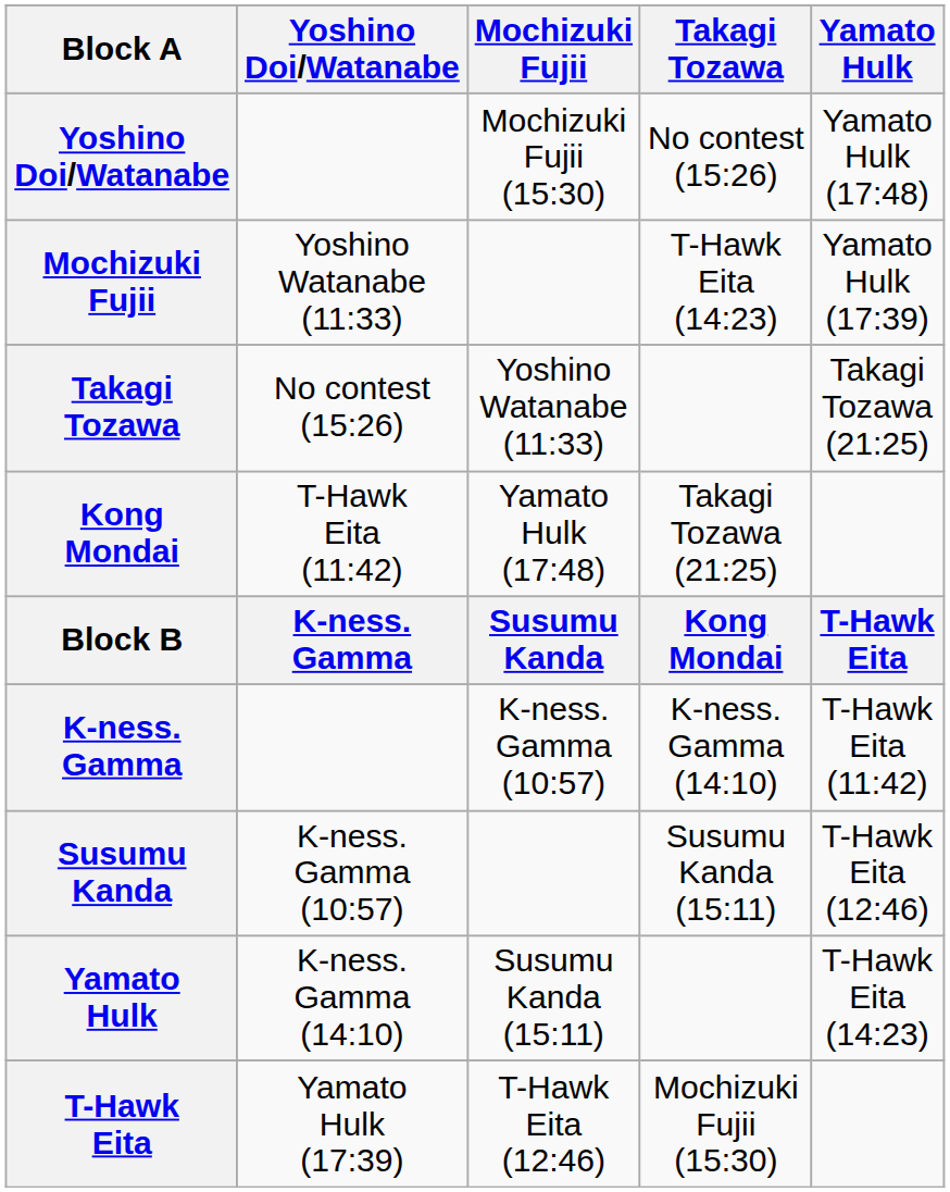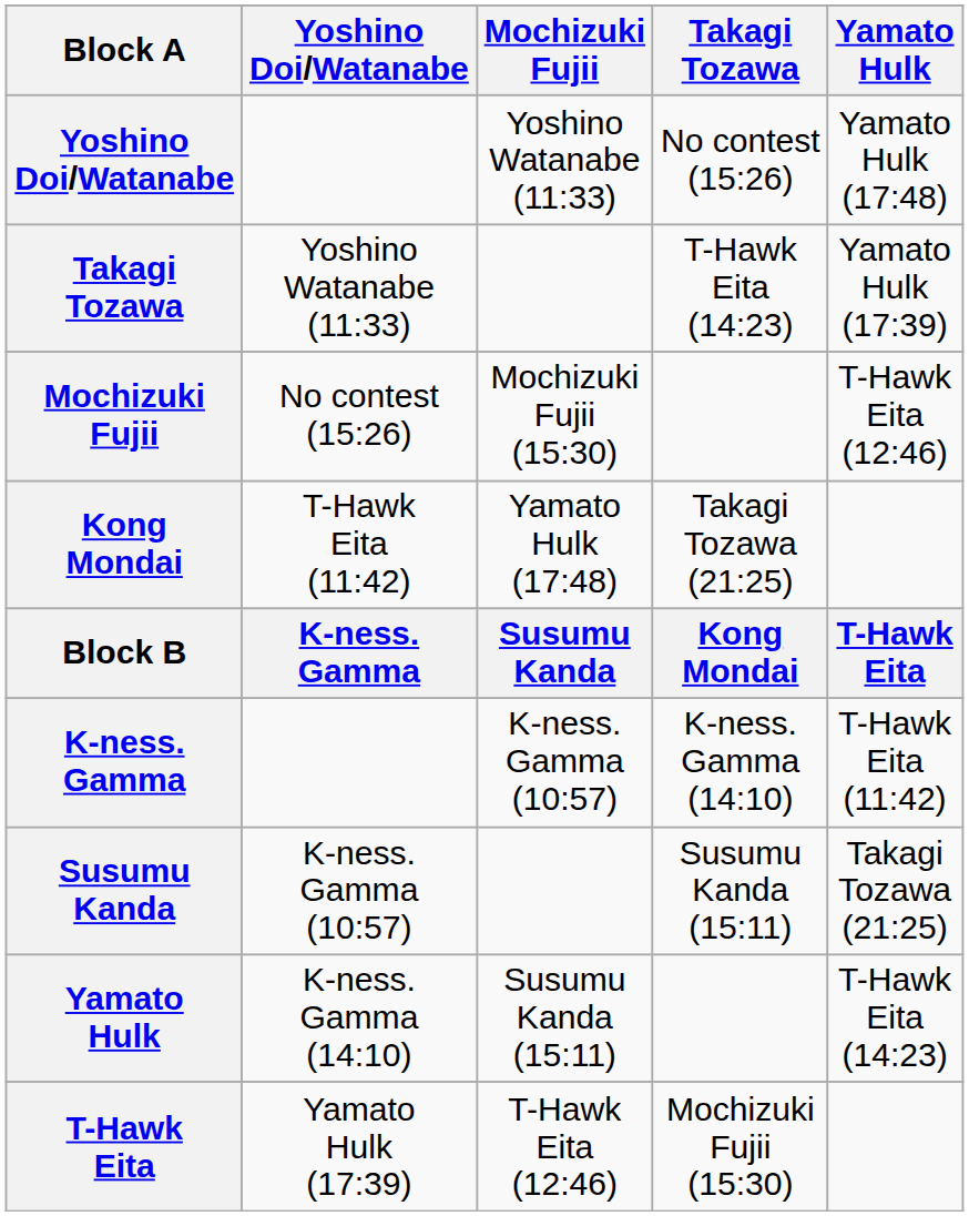 <table class="wikitable" style="margin: 1em auto 1em auto;text-align:center">
 <tr>
 <th>Block A</th>
 <th><a href='#'>Yoshino</a><br><a href='#'>Doi</a>/<a href='#'>Watanabe</a></th>
 <th><a href='#'>Mochizuki</a><br><a href='#'>Fujii</a></th>
 <th><a href='#'>Takagi</a><br><a href='#'>Tozawa</a></th>
 <th><a href='#'>Yamato</a><br><a href='#'>Hulk</a></th>
 </tr>
 <tr>
 <th><a href='#'>Yoshino</a><br><a href='#'>Doi</a>/<a href='#'>Watanabe</a></th>
 <td></td>
-<td>Mochizuki<br>Fujii<br>(15:30)</td>
+<td>Yoshino<br>Watanabe<br>(11:33)</td>
 <td>No contest<br>(15:26)</td>
 <td>Yamato<br>Hulk<br>(17:48)</td>
 </tr>
 <tr>
-<th><a href='#'>Mochizuki</a><br><a href='#'>Fujii</a></th>
+<th><a href='#'>Takagi</a><br><a href='#'>Tozawa</a></th>
 <td>Yoshino<br>Watanabe<br>(11:33)</td>
 <td></td>
 <td>T-Hawk<br>Eita<br>(14:23)</td>
 <td>Yamato<br>Hulk<br>(17:39)</td>
 </tr>
 <tr>
-<th><a href='#'>Takagi</a><br><a href='#'>Tozawa</a></th>
+<th><a href='#'>Mochizuki</a><br><a href='#'>Fujii</a></th>
 <td>No contest<br>(15:26)</td>
-<td>Yoshino<br>Watanabe<br>(11:33)</td>
+<td>Mochizuki<br>Fujii<br>(15:30)</td>
 <td></td>
-<td>Takagi<br>Tozawa<br>(21:25)</td>
+<td>T-Hawk<br>Eita<br>(12:46)</td>
 </tr>
 <tr>
 <th><a href='#'>Kong</a><br><a href='#'>Mondai</a></th>
 <td>T-Hawk<br>Eita<br>(11:42)</td>
 <td>Yamato<br>Hulk<br>(17:48)</td>
 <td>Takagi<br>Tozawa<br>(21:25)</td>
 <td></td>
 </tr>
 <tr>
 <th>Block B</th>
 <th><a href='#'>K-ness.</a><br><a href='#'>Gamma</a></th>
 <th><a href='#'>Susumu</a><br><a href='#'>Kanda</a></th>
 <th><a href='#'>Kong</a><br><a href='#'>Mondai</a></th>
 <th><a href='#'>T-Hawk</a><br><a href='#'>Eita</a></th>
 </tr>
 <tr>
 <th><a href='#'>K-ness.</a><br><a href='#'>Gamma</a></th>
 <td></td>
 <td>K-ness.<br>Gamma<br>(10:57)</td>
 <td>K-ness.<br>Gamma<br>(14:10)</td>
 <td>T-Hawk<br>Eita<br>(11:42)</td>
 </tr>
 <tr>
 <th><a href='#'>Susumu</a><br><a href='#'>Kanda</a></th>
 <td>K-ness.<br>Gamma<br>(10:57)</td>
 <td></td>
 <td>Susumu<br>Kanda<br>(15:11)</td>
-<td>T-Hawk<br>Eita<br>(12:46)</td>
+<td>Takagi<br>Tozawa<br>(21:25)</td>
 </tr>
 <tr>
 <th><a href='#'>Yamato</a><br><a href='#'>Hulk</a></th>
 <td>K-ness.<br>Gamma<br>(14:10)</td>
 <td>Susumu<br>Kanda<br>(15:11)</td>
 <td></td>
 <td>T-Hawk<br>Eita<br>(14:23)</td>
 </tr>
 <tr>
 <th><a href='#'>T-Hawk</a><br><a href='#'>Eita</a></th>
 <td>Yamato<br>Hulk<br>(17:39)</td>
 <td>T-Hawk<br>Eita<br>(12:46)</td>
 <td>Mochizuki<br>Fujii<br>(15:30)</td>
 <td></td>
 </tr>
 </table>
